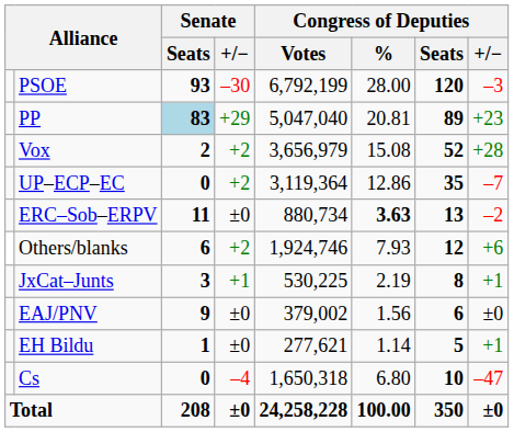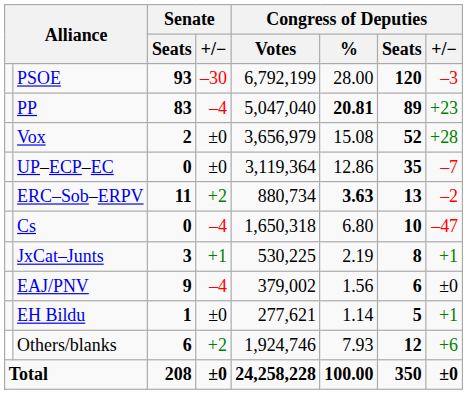 <table class="wikitable" style="text-align:right; font-size:95%;">
 <tr>
 <th colspan="2" rowspan="2">Alliance</th>
 <th colspan="2">Senate</th>
 <th colspan="4">Congress of Deputies</th>
 </tr>
 <tr>
 <th>Seats</th>
 <th>+/−</th>
 <th>Votes</th>
 <th>%</th>
 <th>Seats</th>
 <th>+/−</th>
 </tr>
 <tr>
 <td style="background:"></td>
 <td align="left"><a href='#'>PSOE</a></td>
 <td><strong>93</strong></td>
 <td style="color:red;">–30</td>
 <td>6,792,199</td>
 <td>28.00</td>
 <td><strong>120</strong></td>
 <td style="color:red;">–3</td>
 </tr>
 <tr>
 <td style="background:"></td>
 <td align="left"><a href='#'>PP</a></td>
-<td style="background: lightblue;"><strong>83</strong></td>
-<td style="color:green;">+29</td>
+<td><strong>83</strong></td>
+<td style="color:red;">–4</td>
 <td>5,047,040</td>
-<td>20.81</td>
+<td><strong>20.81</strong></td>
 <td><strong>89</strong></td>
 <td style="color:green;">+23</td>
 </tr>
 <tr>
 <td style="background:"></td>
 <td align="left"><a href='#'>Vox</a></td>
 <td><strong>2</strong></td>
-<td style="color:green;">+2</td>
+<td>±0</td>
 <td>3,656,979</td>
 <td>15.08</td>
 <td><strong>52</strong></td>
 <td style="color:green;">+28</td>
 </tr>
 <tr>
 <td style="background:"></td>
 <td align="left"><a href='#'>UP</a>–<a href='#'>ECP</a>–<a href='#'>EC</a></td>
 <td><strong>0</strong></td>
-<td style="color:green;">+2</td>
+<td>±0</td>
 <td>3,119,364</td>
 <td>12.86</td>
 <td><strong>35</strong></td>
 <td style="color:red;">–7</td>
 </tr>
 <tr>
 <td style="background:"></td>
 <td align="left"><a href='#'>ERC–Sob</a>–<a href='#'>ERPV</a></td>
 <td><strong>11</strong></td>
-<td>±0</td>
+<td style="color:green;">+2</td>
 <td>880,734</td>
 <td><strong>3.63</strong></td>
 <td><strong>13</strong></td>
 <td style="color:red;">–2</td>
 </tr>
 <tr>
-<td style="background:white;"></td>
-<td align="left">Others/blanks</td>
-<td><strong>6</strong></td>
-<td style="color:green;">+2</td>
-<td>1,924,746</td>
-<td>7.93</td>
-<td><strong>12</strong></td>
-<td style="color:green;">+6</td>
+<td style="background:"></td>
+<td align="left"><a href='#'>Cs</a></td>
+<td><strong>0</strong></td>
+<td style="color:red;">–4</td>
+<td>1,650,318</td>
+<td>6.80</td>
+<td><strong>10</strong></td>
+<td style="color:red;">–47</td>
 </tr>
 <tr>
 <td style="background:"></td>
 <td align="left"><a href='#'>JxCat–Junts</a></td>
 <td><strong>3</strong></td>
 <td style="color:green;">+1</td>
 <td>530,225</td>
 <td>2.19</td>
 <td><strong>8</strong></td>
 <td style="color:green;">+1</td>
 </tr>
 <tr>
 <td style="background:"></td>
 <td align="left"><a href='#'>EAJ/PNV</a></td>
 <td><strong>9</strong></td>
-<td>±0</td>
+<td style="color:red;">–4</td>
 <td>379,002</td>
 <td>1.56</td>
 <td><strong>6</strong></td>
 <td>±0</td>
 </tr>
 <tr>
 <td style="background:"></td>
 <td align="left"><a href='#'>EH Bildu</a></td>
 <td><strong>1</strong></td>
 <td>±0</td>
 <td>277,621</td>
 <td>1.14</td>
 <td><strong>5</strong></td>
 <td style="color:green;">+1</td>
 </tr>
 <tr>
-<td style="background:"></td>
-<td align="left"><a href='#'>Cs</a></td>
-<td><strong>0</strong></td>
-<td style="color:red;">–4</td>
-<td>1,650,318</td>
-<td>6.80</td>
-<td><strong>10</strong></td>
-<td style="color:red;">–47</td>
+<td style="background:white;"></td>
+<td align="left">Others/blanks</td>
+<td><strong>6</strong></td>
+<td style="color:green;">+2</td>
+<td>1,924,746</td>
+<td>7.93</td>
+<td><strong>12</strong></td>
+<td style="color:green;">+6</td>
 </tr>
 <tr style="font-weight:bold">
 <td colspan="2" align="left">Total</td>
 <td>208</td>
 <td>±0</td>
 <td>24,258,228</td>
 <td>100.00</td>
 <td>350</td>
 <td>±0</td>
 </tr>
 </table>
